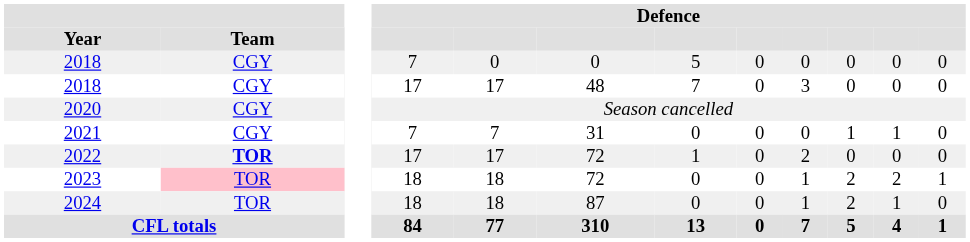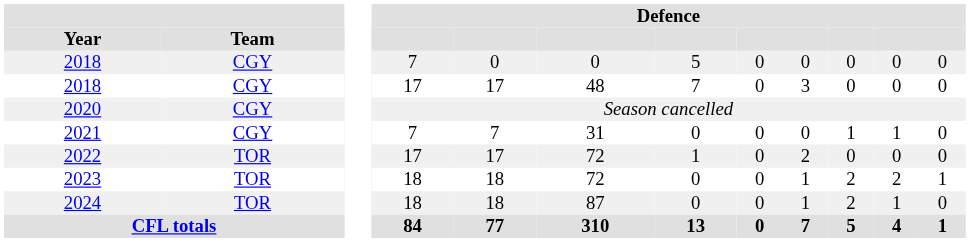 <table BORDER="0" CELLPADDING="1" CELLSPACING="0" width="65%" style="text-align:center">
 <tr bgcolor="#e0e0e0">
 <th colspan="2"></th>
 <th rowspan="101" bgcolor="#ffffff"> </th>
 <th colspan="9">Defence</th>
 </tr>
 <tr bgcolor="#e0e0e0">
 <th>Year</th>
 <th>Team</th>
 <th></th>
 <th></th>
 <th></th>
 <th></th>
 <th></th>
 <th></th>
 <th></th>
 <th></th>
 <th></th>
 </tr>
 <tr ALIGN="center" bgcolor="#f0f0f0">
 <td><a href='#'>2018</a></td>
 <td><a href='#'>CGY</a></td>
 <td>7</td>
 <td>0</td>
 <td>0</td>
 <td>5</td>
 <td>0</td>
 <td>0</td>
 <td>0</td>
 <td>0</td>
 <td>0</td>
 </tr>
 <tr>
 <td><a href='#'>2018</a></td>
 <td><a href='#'>CGY</a></td>
 <td>17</td>
 <td>17</td>
 <td>48</td>
 <td>7</td>
 <td>0</td>
 <td>3</td>
 <td>0</td>
 <td>0</td>
 <td>0</td>
 </tr>
 <tr ALIGN="center" bgcolor="#f0f0f0">
 <td><a href='#'>2020</a></td>
 <td><a href='#'>CGY</a></td>
 <td colspan="9"><em>Season cancelled</em></td>
 </tr>
 <tr>
 <td><a href='#'>2021</a></td>
 <td><a href='#'>CGY</a></td>
 <td>7</td>
 <td>7</td>
 <td>31</td>
 <td>0</td>
 <td>0</td>
 <td>0</td>
 <td>1</td>
 <td>1</td>
 <td>0</td>
 </tr>
 <tr ALIGN="center" bgcolor="#f0f0f0">
 <td><a href='#'>2022</a></td>
-<td><strong><a href='#'>TOR</a></strong></td>
+<td><a href='#'>TOR</a></td>
 <td>17</td>
 <td>17</td>
 <td>72</td>
 <td>1</td>
 <td>0</td>
 <td>2</td>
 <td>0</td>
 <td>0</td>
 <td>0</td>
 </tr>
 <tr>
 <td><a href='#'>2023</a></td>
-<td style="background: pink;"><a href='#'>TOR</a></td>
+<td><a href='#'>TOR</a></td>
 <td>18</td>
 <td>18</td>
 <td>72</td>
 <td>0</td>
 <td>0</td>
 <td>1</td>
 <td>2</td>
 <td>2</td>
 <td>1</td>
 </tr>
 <tr ALIGN="center" bgcolor="#f0f0f0">
 <td><a href='#'>2024</a></td>
 <td><a href='#'>TOR</a></td>
 <td>18</td>
 <td>18</td>
 <td>87</td>
 <td>0</td>
 <td>0</td>
 <td>1</td>
 <td>2</td>
 <td>1</td>
 <td>0</td>
 </tr>
 <tr bgcolor="#e0e0e0">
 <th colspan="2"><a href='#'>CFL totals</a></th>
 <th>84</th>
 <th>77</th>
 <th>310</th>
 <th>13</th>
 <th>0</th>
 <th>7</th>
 <th>5</th>
 <th>4</th>
 <th>1</th>
 </tr>
 </table>
